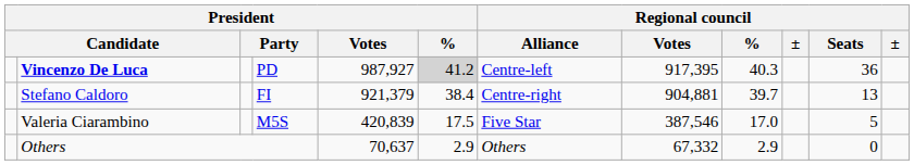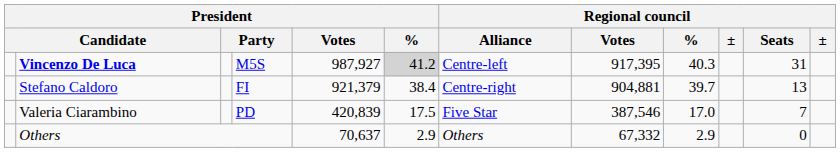 <table class="wikitable" style="text-align:right; style="width=70%">
 <tr>
 <th colspan="6">President</th>
 <th colspan="6">Regional council</th>
 </tr>
 <tr>
 <th colspan="2">Candidate</th>
 <th colspan="2">Party</th>
 <th>Votes</th>
 <th>%</th>
 <th>Alliance</th>
 <th>Votes</th>
 <th>%</th>
 <th>±</th>
 <th>Seats</th>
 <th>±</th>
 </tr>
 <tr>
 <td></td>
 <td style="text-align:left"><strong><a href='#'>Vincenzo De Luca</a></strong></td>
 <td></td>
-<td style="text-align:left"><a href='#'>PD</a></td>
+<td style="text-align:left"><a href='#'>M5S</a></td>
 <td>987,927</td>
 <td style="background: lightgrey;">41.2</td>
 <td style="text-align:left"><a href='#'>Centre-left</a></td>
 <td>917,395</td>
 <td>40.3</td>
 <td></td>
-<td>36</td>
+<td>31</td>
 <td></td>
 </tr>
 <tr>
 <td></td>
 <td style="text-align:left"><a href='#'>Stefano Caldoro</a></td>
 <td></td>
 <td style="text-align:left"><a href='#'>FI</a></td>
 <td>921,379</td>
 <td>38.4</td>
 <td style="text-align:left"><a href='#'>Centre-right</a></td>
 <td>904,881</td>
 <td>39.7</td>
 <td></td>
 <td>13</td>
 <td></td>
 </tr>
 <tr>
 <td></td>
 <td style="text-align:left">Valeria Ciarambino</td>
 <td></td>
-<td style="text-align:left"><a href='#'>M5S</a></td>
+<td style="text-align:left"><a href='#'>PD</a></td>
 <td>420,839</td>
 <td>17.5</td>
 <td style="text-align:left"><a href='#'>Five Star</a></td>
 <td>387,546</td>
 <td>17.0</td>
 <td></td>
-<td>5</td>
+<td>7</td>
 <td></td>
 </tr>
 <tr>
 <td></td>
 <td colspan="3" style="text-align:left"><em>Others</em></td>
 <td>70,637</td>
 <td>2.9</td>
 <td style="text-align:left"><em>Others</em></td>
 <td>67,332</td>
 <td>2.9</td>
 <td></td>
 <td>0</td>
 <td></td>
 </tr>
 </table>
